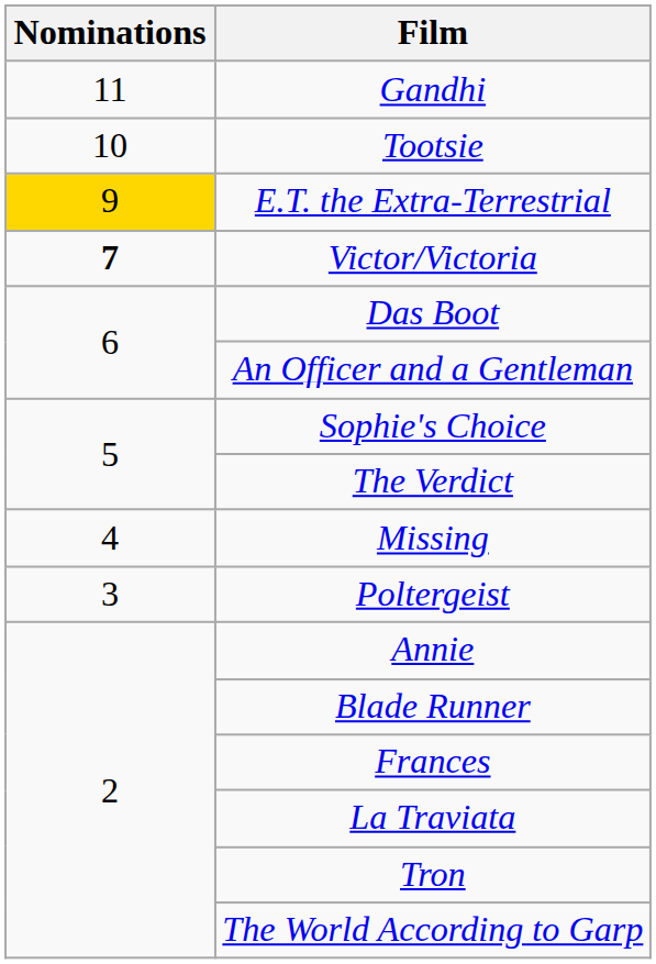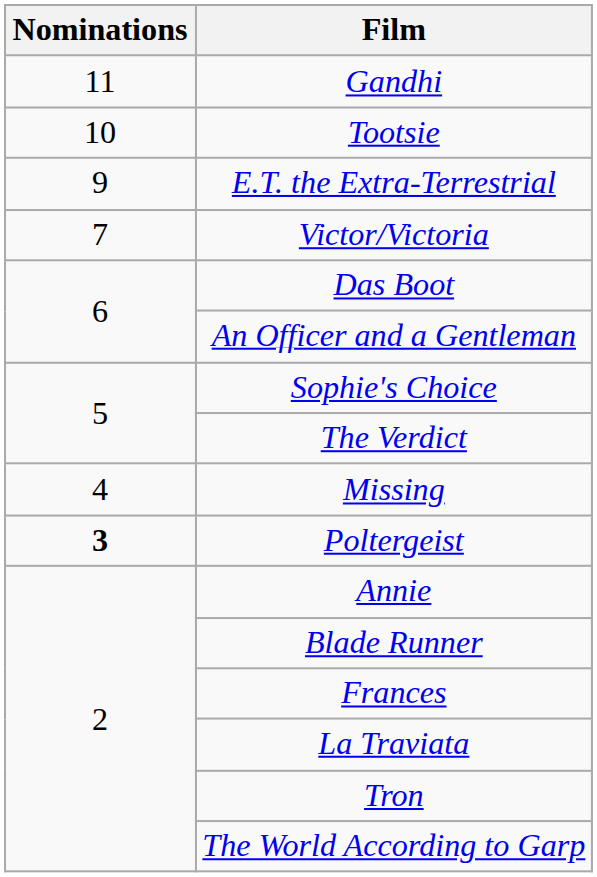 <table class="wikitable plainrowheaders" style="text-align: center;">
 <tr>
 <th scope="col" style="width:55px;">Nominations</th>
 <th scope="col" style="text-align:center;">Film</th>
 </tr>
 <tr>
 <td scope="row" style="text-align:center">11</td>
 <td><em><a href='#'>Gandhi</a></em></td>
 </tr>
 <tr>
 <td scope="row" style="text-align:center">10</td>
 <td><em><a href='#'>Tootsie</a></em></td>
 </tr>
 <tr>
-<td scope="row" style="background: gold; text-align:center">9</td>
+<td scope="row" style="text-align:center">9</td>
 <td><em><a href='#'>E.T. the Extra-Terrestrial</a></em></td>
 </tr>
 <tr>
-<td scope="row" style="text-align:center"><strong>7</strong></td>
+<td scope="row" style="text-align:center">7</td>
 <td><em><a href='#'>Victor/Victoria</a></em></td>
 </tr>
 <tr>
 <td rowspan="2" style="text-align:center">6</td>
 <td><em><a href='#'>Das Boot</a></em></td>
 </tr>
 <tr>
 <td><em><a href='#'>An Officer and a Gentleman</a></em></td>
 </tr>
 <tr>
 <td rowspan="2" style="text-align:center">5</td>
 <td><em><a href='#'>Sophie's Choice</a></em></td>
 </tr>
 <tr>
 <td><em><a href='#'>The Verdict</a></em></td>
 </tr>
 <tr>
 <td scope="row" style="text-align:center">4</td>
 <td><em><a href='#'>Missing</a></em></td>
 </tr>
 <tr>
-<td scope="row" style="text-align:center">3</td>
+<td scope="row" style="text-align:center"><strong>3</strong></td>
 <td><em><a href='#'>Poltergeist</a></em></td>
 </tr>
 <tr>
 <td rowspan="6" style="text-align:center">2</td>
 <td><em><a href='#'>Annie</a></em></td>
 </tr>
 <tr>
 <td><em><a href='#'>Blade Runner</a></em></td>
 </tr>
 <tr>
 <td><em><a href='#'>Frances</a></em></td>
 </tr>
 <tr>
 <td><em><a href='#'>La Traviata</a></em></td>
 </tr>
 <tr>
 <td><em><a href='#'>Tron</a></em></td>
 </tr>
 <tr>
 <td><em><a href='#'>The World According to Garp</a></em></td>
 </tr>
 </table>
